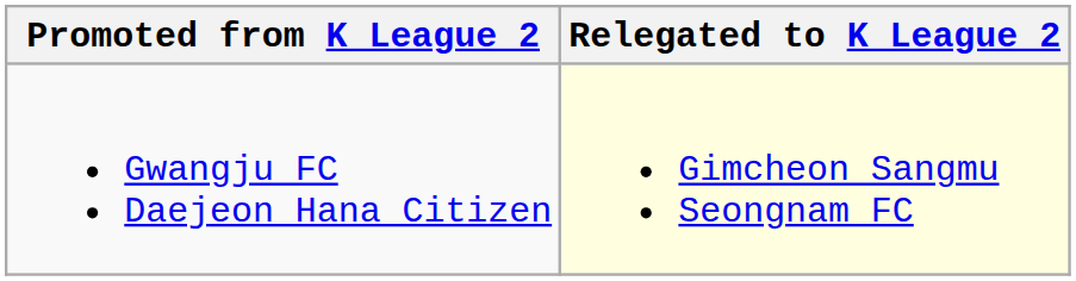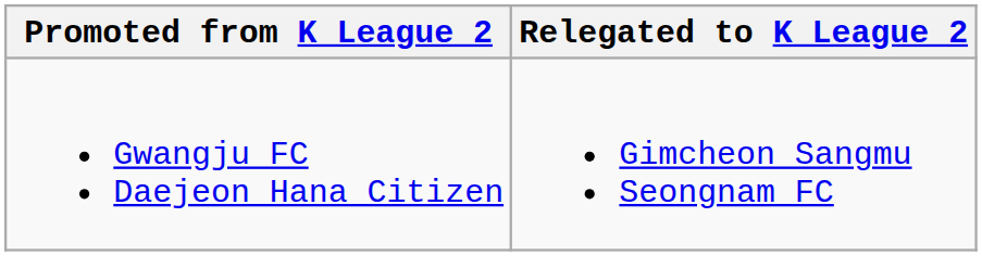 <table class="wikitable">
 <tr>
 <th> Promoted from <a href='#'>K League 2</a></th>
 <th> Relegated to <a href='#'>K League 2</a></th>
 </tr>
 <tr>
 <td><br><ul><li><a href='#'>Gwangju FC</a></li><li><a href='#'>Daejeon Hana Citizen</a></li></ul></td>
-<td style="background: lightyellow;"><br><ul><li><a href='#'>Gimcheon Sangmu</a></li><li><a href='#'>Seongnam FC</a></li></ul></td>
+<td><br><ul><li><a href='#'>Gimcheon Sangmu</a></li><li><a href='#'>Seongnam FC</a></li></ul></td>
 </tr>
 </table>
